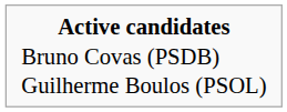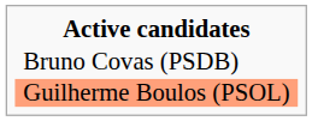 <table style="float; margin-left: 1em; margin-bottom: 0.5em" class="infobox">
 <tr>
 <td style="text-align: center"><span><strong>Active candidates</strong></span></td>
 </tr>
 <tr>
 <td style="padding: 0 5px;"> Bruno Covas (PSDB)</td>
 </tr>
 <tr>
-<td style="padding: 0 5px;"> Guilherme Boulos (PSOL)</td>
+<td style="background: lightsalmon; padding: 0 5px;"> Guilherme Boulos (PSOL)</td>
 </tr>
 </table>
